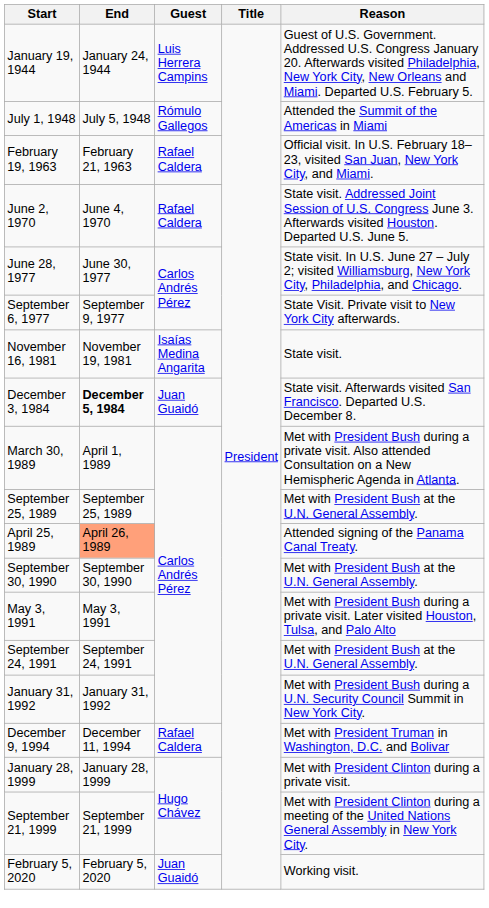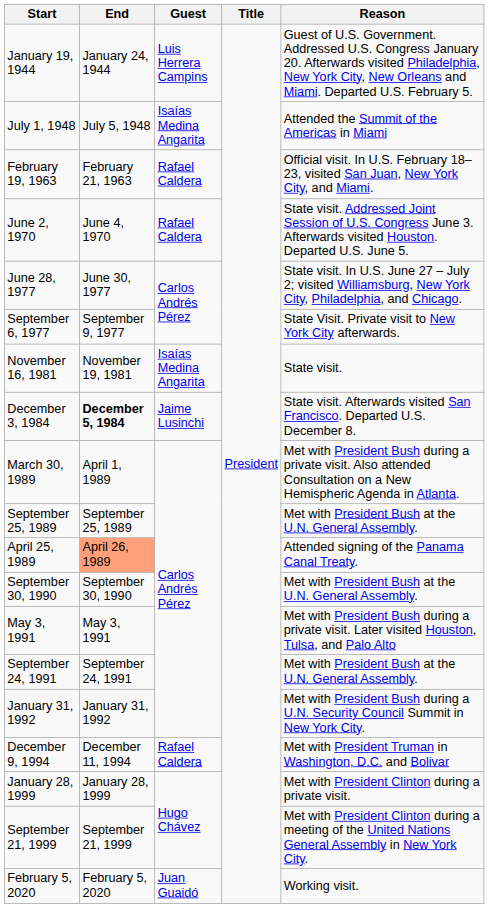 <table class="wikitable sortable">
 <tr>
 <th>Start</th>
 <th>End</th>
 <th>Guest</th>
 <th>Title</th>
 <th>Reason</th>
 </tr>
 <tr>
 <td>January 19, 1944</td>
 <td>January 24, 1944</td>
 <td><a href='#'>Luis Herrera Campins</a></td>
 <td rowspan="19"><a href='#'>President</a></td>
 <td>Guest of U.S. Government. Addressed U.S. Congress January 20. Afterwards visited <a href='#'>Philadelphia</a>, <a href='#'>New York City</a>, <a href='#'>New Orleans</a> and <a href='#'>Miami</a>. Departed U.S. February 5.</td>
 </tr>
 <tr>
 <td>July 1, 1948</td>
 <td>July 5, 1948</td>
-<td><a href='#'>Rómulo Gallegos</a></td>
+<td><a href='#'>Isaías Medina Angarita</a></td>
 <td>Attended the <a href='#'>Summit of the Americas</a> in <a href='#'>Miami</a></td>
 </tr>
 <tr>
 <td>February 19, 1963</td>
 <td>February 21, 1963</td>
 <td><a href='#'>Rafael Caldera</a></td>
 <td>Official visit. In U.S. February 18–23, visited <a href='#'>San Juan</a>, <a href='#'>New York City</a>, and <a href='#'>Miami</a>.</td>
 </tr>
 <tr>
 <td>June 2, 1970</td>
 <td>June 4, 1970</td>
 <td><a href='#'>Rafael Caldera</a></td>
 <td>State visit. <a href='#'>Addressed Joint Session of U.S. Congress</a> June 3. Afterwards visited <a href='#'>Houston</a>. Departed U.S. June 5.</td>
 </tr>
 <tr>
 <td>June 28, 1977</td>
 <td>June 30, 1977</td>
 <td rowspan=2><a href='#'>Carlos Andrés Pérez</a></td>
 <td>State visit. In U.S. June 27 – July 2; visited <a href='#'>Williamsburg</a>, <a href='#'>New York City</a>, <a href='#'>Philadelphia</a>, and <a href='#'>Chicago</a>.</td>
 </tr>
 <tr>
 <td>September 6, 1977</td>
 <td>September 9, 1977</td>
 <td>State Visit. Private visit to <a href='#'>New York City</a> afterwards.</td>
 </tr>
 <tr>
 <td>November 16, 1981</td>
 <td>November 19, 1981</td>
 <td><a href='#'>Isaías Medina Angarita</a></td>
 <td>State visit.</td>
 </tr>
 <tr>
 <td>December 3, 1984</td>
 <td><strong>December 5, 1984</strong></td>
-<td><a href='#'>Juan Guaidó</a></td>
+<td><a href='#'>Jaime Lusinchi</a></td>
 <td>State visit. Afterwards visited <a href='#'>San Francisco</a>. Departed U.S. December 8.</td>
 </tr>
 <tr>
 <td>March 30, 1989</td>
 <td>April 1, 1989</td>
 <td rowspan=7><a href='#'>Carlos Andrés Pérez</a></td>
 <td>Met with <a href='#'>President Bush</a> during a private visit. Also attended Consultation on a New Hemispheric Agenda in <a href='#'>Atlanta</a>.</td>
 </tr>
 <tr>
 <td>September 25, 1989</td>
 <td>September 25, 1989</td>
 <td>Met with <a href='#'>President Bush</a> at the <a href='#'>U.N. General Assembly</a>.</td>
 </tr>
 <tr>
 <td>April 25, 1989</td>
 <td style="background: lightsalmon;">April 26, 1989</td>
 <td>Attended signing of the <a href='#'>Panama Canal Treaty</a>.</td>
 </tr>
 <tr>
 <td>September 30, 1990</td>
 <td>September 30, 1990</td>
 <td>Met with <a href='#'>President Bush</a> at the <a href='#'>U.N. General Assembly</a>.</td>
 </tr>
 <tr>
 <td>May 3, 1991</td>
 <td>May 3, 1991</td>
 <td>Met with <a href='#'>President Bush</a> during a private visit. Later visited <a href='#'>Houston</a>, <a href='#'>Tulsa</a>, and <a href='#'>Palo Alto</a></td>
 </tr>
 <tr>
 <td>September 24, 1991</td>
 <td>September 24, 1991</td>
 <td>Met with <a href='#'>President Bush</a> at the <a href='#'>U.N. General Assembly</a>.</td>
 </tr>
 <tr>
 <td>January 31, 1992</td>
 <td>January 31, 1992</td>
 <td>Met with <a href='#'>President Bush</a> during a <a href='#'>U.N. Security Council</a> Summit in <a href='#'>New York City</a>.</td>
 </tr>
 <tr>
 <td>December 9, 1994</td>
 <td>December 11, 1994</td>
 <td><a href='#'>Rafael Caldera</a></td>
 <td>Met with <a href='#'>President Truman</a> in <a href='#'>Washington, D.C.</a> and <a href='#'>Bolivar</a></td>
 </tr>
 <tr>
 <td>January 28, 1999</td>
 <td>January 28, 1999</td>
 <td rowspan=2><a href='#'>Hugo Chávez</a></td>
 <td>Met with <a href='#'>President Clinton</a> during a private visit.</td>
 </tr>
 <tr>
 <td>September 21, 1999</td>
 <td>September 21, 1999</td>
 <td>Met with <a href='#'>President Clinton</a> during a meeting of the <a href='#'>United Nations General Assembly</a> in <a href='#'>New York City</a>.</td>
 </tr>
 <tr>
 <td>February 5, 2020</td>
 <td>February 5, 2020</td>
 <td><a href='#'>Juan Guaidó</a></td>
 <td>Working visit.</td>
 </tr>
 </table>
